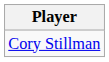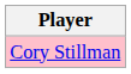 <table class="wikitable">
 <tr>
 <th>Player</th>
 </tr>
 <tr>
-<td><a href='#'>Cory Stillman</a></td>
+<td style="background: pink;"><a href='#'>Cory Stillman</a></td>
 </tr>
 </table>
